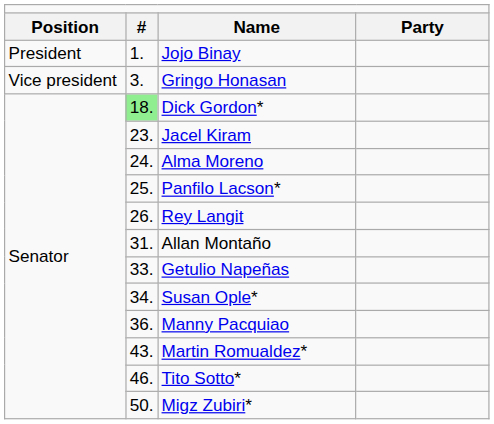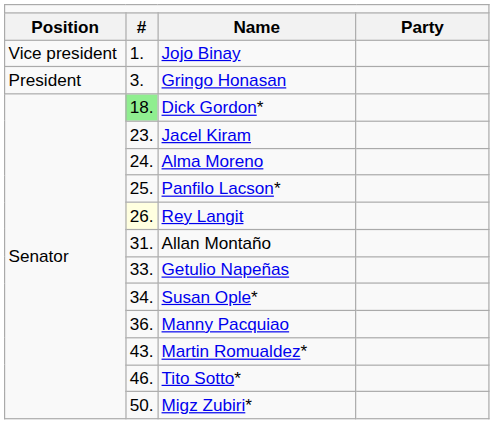 <table class=wikitable style="font-size:90%">
 <tr>
 <td colspan="5"></td>
 </tr>
 <tr>
 <th width=95px>Position</th>
 <th width=20px>#</th>
 <th width=160px>Name</th>
 <th colspan=2 width=105px>Party</th>
 </tr>
 <tr>
-<td>President</td>
+<td>Vice president</td>
 <td>1.</td>
 <td><a href='#'>Jojo Binay</a></td>
 <td></td>
 </tr>
 <tr>
-<td>Vice president</td>
+<td>President</td>
 <td>3.</td>
 <td><a href='#'>Gringo Honasan</a></td>
 <td></td>
 </tr>
 <tr>
 <td rowspan="12">Senator</td>
 <td style="background: lightgreen;">18.</td>
 <td><a href='#'>Dick Gordon</a>*</td>
 <td></td>
 </tr>
 <tr>
 <td>23.</td>
 <td><a href='#'>Jacel Kiram</a></td>
 <td></td>
 </tr>
 <tr>
 <td>24.</td>
 <td><a href='#'>Alma Moreno</a></td>
 <td></td>
 </tr>
 <tr>
 <td>25.</td>
 <td><a href='#'>Panfilo Lacson</a>*</td>
 <td></td>
 </tr>
 <tr>
-<td>26.</td>
+<td style="background: lightyellow;">26.</td>
 <td><a href='#'>Rey Langit</a></td>
 <td></td>
 </tr>
 <tr>
 <td>31.</td>
 <td>Allan Montaño</td>
 <td></td>
 </tr>
 <tr>
 <td>33.</td>
 <td><a href='#'>Getulio Napeñas</a></td>
 <td></td>
 </tr>
 <tr>
 <td>34.</td>
 <td><a href='#'>Susan Ople</a>*</td>
 <td></td>
 </tr>
 <tr>
 <td>36.</td>
 <td><a href='#'>Manny Pacquiao</a></td>
 <td></td>
 </tr>
 <tr>
 <td>43.</td>
 <td><a href='#'>Martin Romualdez</a>*</td>
 <td></td>
 </tr>
 <tr>
 <td>46.</td>
 <td><a href='#'>Tito Sotto</a>*</td>
 <td></td>
 </tr>
 <tr>
 <td>50.</td>
 <td><a href='#'>Migz Zubiri</a>*</td>
 <td></td>
 </tr>
 </table>
